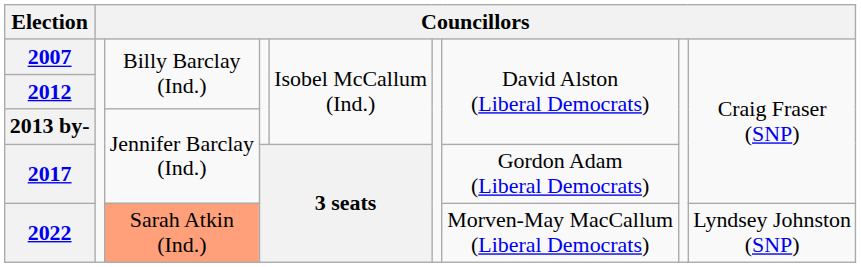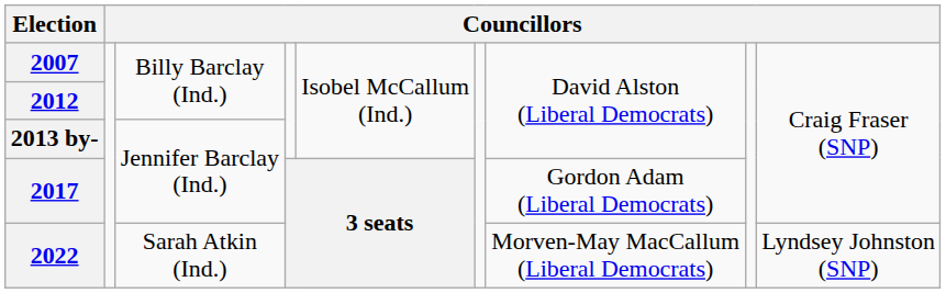 <table class="wikitable" style="text-align:center">
 <tr>
 <th>Election</th>
 <th colspan=8>Councillors</th>
 </tr>
 <tr>
 <th><a href='#'>2007</a></th>
 <td rowspan=5; style="background-color: "></td>
 <td rowspan=2>Billy Barclay<br>(Ind.)</td>
 <td rowspan=3; style="background-color: "></td>
 <td rowspan=3>Isobel McCallum<br>(Ind.)</td>
 <td rowspan=5; style="background-color: "></td>
 <td rowspan=3>David Alston<br>(<a href='#'>Liberal Democrats</a>)</td>
 <td rowspan=5; style="background-color: "></td>
 <td rowspan=4>Craig Fraser<br>(<a href='#'>SNP</a>)</td>
 </tr>
 <tr>
 <th><a href='#'>2012</a></th>
 </tr>
 <tr>
 <th>2013 by-</th>
 <td rowspan=2>Jennifer Barclay<br>(Ind.)</td>
 </tr>
 <tr>
 <th><a href='#'>2017</a></th>
 <th colspan=2; rowspan=2>3 seats</th>
 <td>Gordon Adam<br>(<a href='#'>Liberal Democrats</a>)</td>
 </tr>
 <tr>
 <th><a href='#'>2022</a></th>
-<td rowspan=1 style="background: lightsalmon;">Sarah Atkin<br>(Ind.)</td>
+<td rowspan=1>Sarah Atkin<br>(Ind.)</td>
 <td rowspan=1>Morven-May MacCallum<br>(<a href='#'>Liberal Democrats</a>)</td>
 <td rowspan=1>Lyndsey Johnston<br>(<a href='#'>SNP</a>)</td>
 </tr>
 </table>
